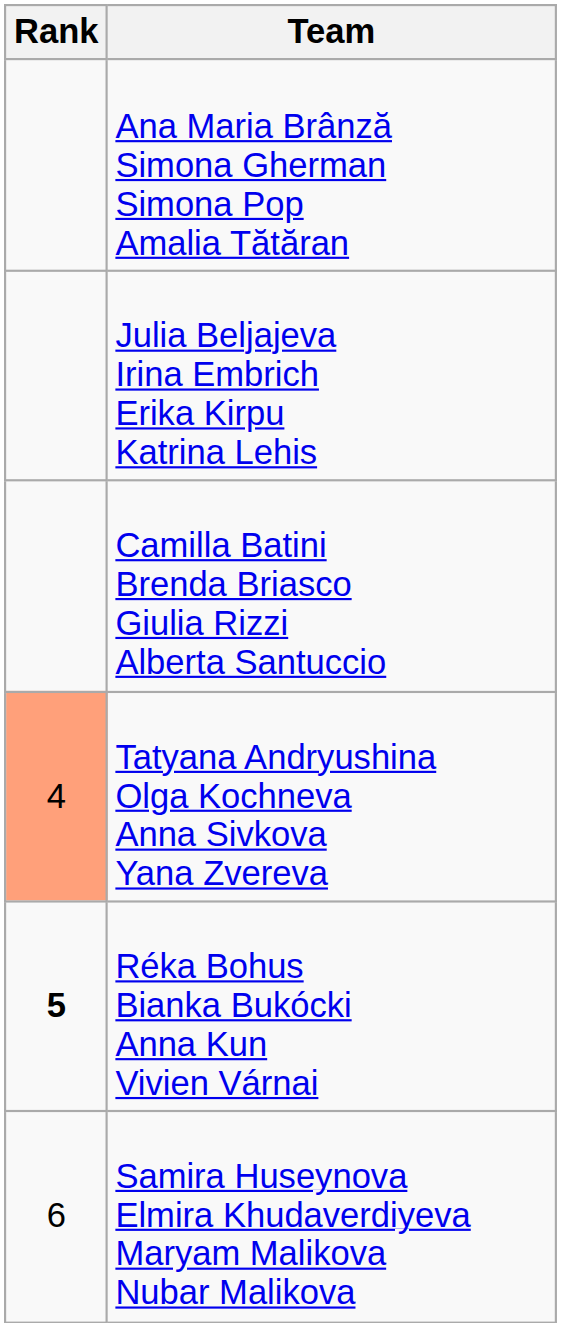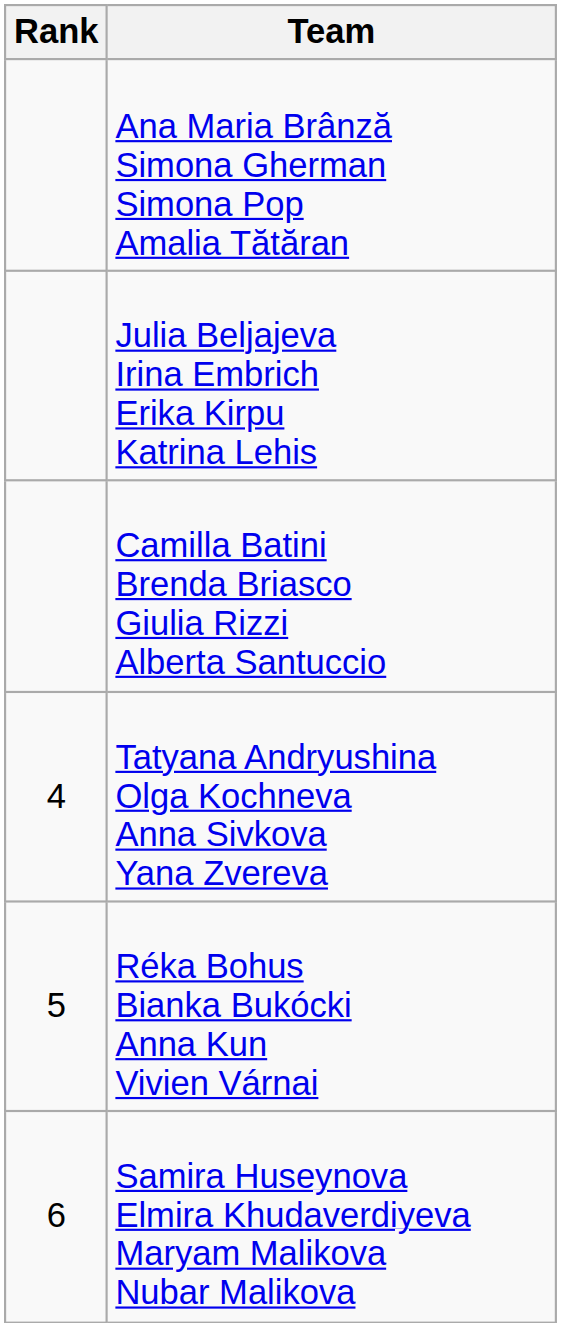 <table class="wikitable" style="text-align: center;">
 <tr>
 <th width=40>Rank</th>
 <th width=200>Team</th>
 </tr>
 <tr>
 <td></td>
 <td align=left><br><a href='#'>Ana Maria Brânză</a><br><a href='#'>Simona Gherman</a><br><a href='#'>Simona Pop</a><br><a href='#'>Amalia Tătăran</a></td>
 </tr>
 <tr>
 <td></td>
 <td align=left><br><a href='#'>Julia Beljajeva</a><br><a href='#'>Irina Embrich</a><br><a href='#'>Erika Kirpu</a><br><a href='#'>Katrina Lehis</a></td>
 </tr>
 <tr>
 <td></td>
 <td align=left><br><a href='#'>Camilla Batini</a><br><a href='#'>Brenda Briasco</a><br><a href='#'>Giulia Rizzi</a><br><a href='#'>Alberta Santuccio</a></td>
 </tr>
 <tr>
-<td style="background: lightsalmon;">4</td>
+<td>4</td>
 <td align=left><br><a href='#'>Tatyana Andryushina</a><br><a href='#'>Olga Kochneva</a><br><a href='#'>Anna Sivkova</a><br><a href='#'>Yana Zvereva</a></td>
 </tr>
 <tr>
-<td><strong>5</strong></td>
+<td>5</td>
 <td align=left><br><a href='#'>Réka Bohus</a><br><a href='#'>Bianka Bukócki</a><br><a href='#'>Anna Kun</a><br><a href='#'>Vivien Várnai</a></td>
 </tr>
 <tr>
 <td>6</td>
 <td align=left><br><a href='#'>Samira Huseynova</a><br><a href='#'>Elmira Khudaverdiyeva</a><br><a href='#'>Maryam Malikova</a><br><a href='#'>Nubar Malikova</a></td>
 </tr>
 </table>
